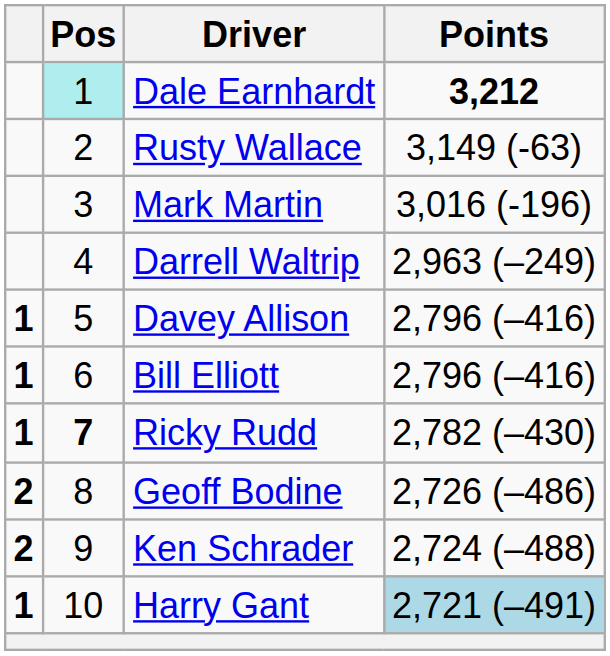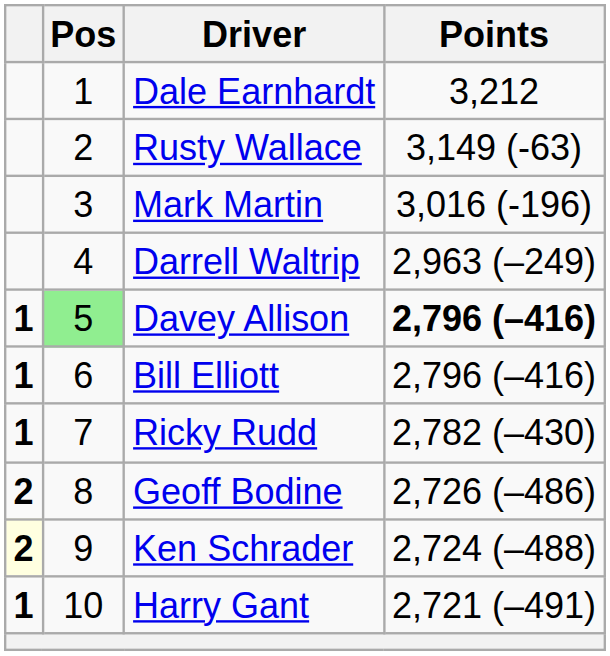 <table class="wikitable" style="font-size: 95%;">
 <tr>
 <th></th>
 <th>Pos</th>
 <th>Driver</th>
 <th>Points</th>
 </tr>
 <tr>
 <td align="left"></td>
-<td style="background: paleturquoise; text-align:center;">1</td>
+<td style="text-align:center;">1</td>
 <td><a href='#'>Dale Earnhardt</a></td>
-<td style="text-align:center;"><strong>3,212</strong></td>
+<td style="text-align:center;">3,212</td>
 </tr>
 <tr>
 <td align="left"></td>
 <td style="text-align:center;">2</td>
 <td><a href='#'>Rusty Wallace</a></td>
 <td style="text-align:center;">3,149 (-63)</td>
 </tr>
 <tr>
 <td align="left"></td>
 <td style="text-align:center;">3</td>
 <td><a href='#'>Mark Martin</a></td>
 <td style="text-align:center;">3,016 (-196)</td>
 </tr>
 <tr>
 <td align="left"></td>
 <td style="text-align:center;">4</td>
 <td><a href='#'>Darrell Waltrip</a></td>
 <td style="text-align:center;">2,963 (–249)</td>
 </tr>
 <tr>
 <td align="left">  <strong>1</strong></td>
-<td style="text-align:center;">5</td>
+<td style="background: lightgreen; text-align:center;">5</td>
 <td><a href='#'>Davey Allison</a></td>
-<td style="text-align:center;">2,796 (–416)</td>
+<td style="text-align:center;"><strong>2,796 (–416)</strong></td>
 </tr>
 <tr>
 <td align="left">  <strong>1</strong></td>
 <td style="text-align:center;">6</td>
 <td><a href='#'>Bill Elliott</a></td>
 <td style="text-align:center;">2,796 (–416)</td>
 </tr>
 <tr>
 <td align="left">  <strong>1</strong></td>
-<td style="text-align:center;"><strong>7</strong></td>
+<td style="text-align:center;">7</td>
 <td><a href='#'>Ricky Rudd</a></td>
 <td style="text-align:center;">2,782 (–430)</td>
 </tr>
 <tr>
 <td align="left">  <strong>2</strong></td>
 <td style="text-align:center;">8</td>
 <td><a href='#'>Geoff Bodine</a></td>
 <td style="text-align:center;">2,726 (–486)</td>
 </tr>
 <tr>
-<td align="left">  <strong>2</strong></td>
+<td align="left" style="background: lightyellow;">  <strong>2</strong></td>
 <td style="text-align:center;">9</td>
 <td><a href='#'>Ken Schrader</a></td>
 <td style="text-align:center;">2,724 (–488)</td>
 </tr>
 <tr>
 <td align="left">  <strong>1</strong></td>
 <td style="text-align:center;">10</td>
 <td><a href='#'>Harry Gant</a></td>
-<td style="background: lightblue; text-align:center;">2,721 (–491)</td>
+<td style="text-align:center;">2,721 (–491)</td>
 </tr>
 <tr class="sortbottom">
 <th colspan="9"></th>
 </tr>
 </table>
